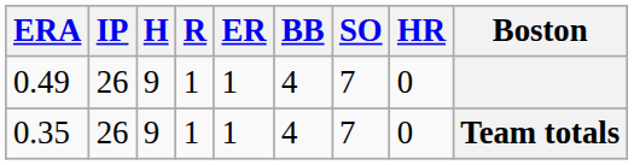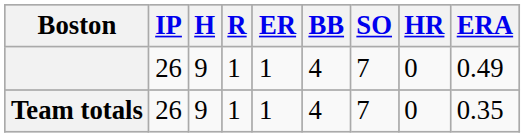 <table class="wikitable sortable plainrowheaders" border="2">
 <tr>
-<th scope="col"><a href='#'>ERA</a></th>
+<th scope="col">Boston</th>
 <th scope="col"><a href='#'>IP</a></th>
 <th scope="col"><a href='#'>H</a></th>
 <th scope="col"><a href='#'>R</a></th>
 <th scope="col"><a href='#'>ER</a></th>
 <th scope="col"><a href='#'>BB</a></th>
 <th scope="col"><a href='#'>SO</a></th>
 <th scope="col"><a href='#'>HR</a></th>
-<th scope="col">Boston</th>
+<th scope="col"><a href='#'>ERA</a></th>
 </tr>
 <tr>
-<td>0.49</td>
+<th scope="row"></th>
 <td>26</td>
 <td>9</td>
 <td>1</td>
 <td>1</td>
 <td>4</td>
 <td>7</td>
 <td>0</td>
-<th scope="row"></th>
+<td>0.49</td>
 </tr>
 <tr>
-<td>0.35</td>
+<th scope="row"><strong>Team totals</strong></th>
 <td>26</td>
 <td>9</td>
 <td>1</td>
 <td>1</td>
 <td>4</td>
 <td>7</td>
 <td>0</td>
-<th scope="row"><strong>Team totals</strong></th>
+<td>0.35</td>
 </tr>
 </table>
